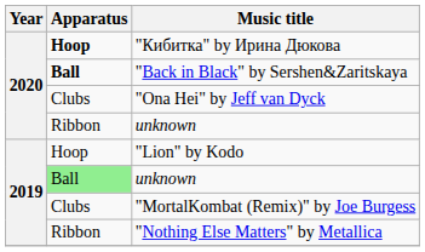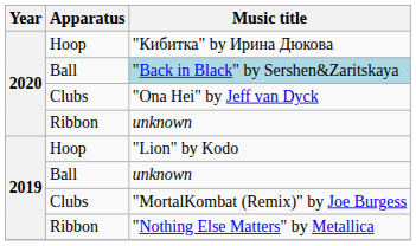 <table class="wikitable plainrowheaders">
 <tr>
 <th scope=col>Year</th>
 <th scope=col>Apparatus</th>
 <th scope=col>Music title </th>
 </tr>
 <tr>
 <th rowspan=4>2020</th>
-<td><strong>Hoop</strong></td>
+<td>Hoop</td>
 <td>"Кибитка" by Ирина Дюкова</td>
 </tr>
 <tr>
-<td><strong>Ball</strong></td>
-<td>"<a href='#'>Back in Black</a>" by Sershen&Zaritskaya</td>
+<td>Ball</td>
+<td style="background: lightblue;">"<a href='#'>Back in Black</a>" by Sershen&Zaritskaya</td>
 </tr>
 <tr>
 <td>Clubs</td>
 <td>"Ona Hei" by <a href='#'>Jeff van Dyck</a></td>
 </tr>
 <tr>
 <td>Ribbon</td>
 <td><em>unknown</em></td>
 </tr>
 <tr>
 <th rowspan=4>2019</th>
 <td>Hoop</td>
 <td>"Lion" by Kodo</td>
 </tr>
 <tr>
-<td style="background: lightgreen;">Ball</td>
+<td>Ball</td>
 <td><em>unknown</em></td>
 </tr>
 <tr>
 <td>Clubs</td>
 <td>"MortalKombat (Remix)" by <a href='#'>Joe Burgess</a></td>
 </tr>
 <tr>
 <td>Ribbon</td>
 <td>"<a href='#'>Nothing Else Matters</a>" by <a href='#'>Metallica</a></td>
 </tr>
 <tr>
 </tr>
 </table>
